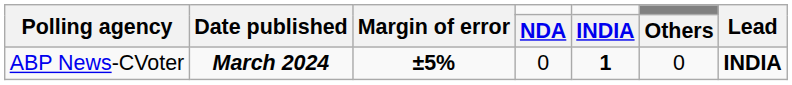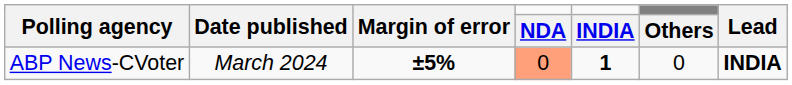 <table class="wikitable sortable" style="text-align:center;font-size:95%;line-height:16px">
 <tr>
 <th rowspan="2">Polling agency</th>
 <th rowspan="2">Date published</th>
 <th rowspan="2">Margin of error</th>
 <td></td>
 <td></td>
 <td bgcolor="grey"></td>
 <th rowspan="2">Lead</th>
 </tr>
 <tr>
 <th><a href='#'>NDA</a></th>
 <th><a href='#'>INDIA</a></th>
 <th>Others</th>
 </tr>
 <tr>
 <td><a href='#'>ABP News</a>-CVoter</td>
-<td><strong><em>March 2024</em></strong></td>
+<td><em>March 2024</em></td>
 <td><strong>±5%</strong></td>
-<td>0</td>
+<td style="background: lightsalmon;">0</td>
 <td><strong>1</strong></td>
 <td>0</td>
 <td><strong>INDIA</strong></td>
 </tr>
 </table>
